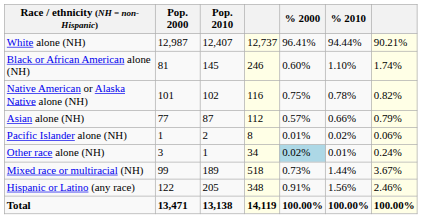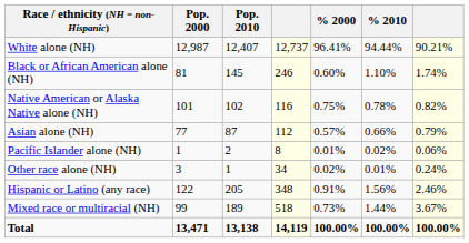 <table class="wikitable">
 <tr>
 <th>Race / ethnicity <small>(<em>NH = non-Hispanic</em>)</small></th>
 <th>Pop. 2000</th>
 <th>Pop. 2010</th>
 <th></th>
 <th>% 2000</th>
 <th>% 2010</th>
 <th></th>
 </tr>
 <tr>
 <td><a href='#'>White</a> alone (NH)</td>
 <td>12,987</td>
 <td>12,407</td>
 <td style='background: #ffffe6;'>12,737</td>
 <td>96.41%</td>
 <td>94.44%</td>
 <td style='background: #ffffe6;'>90.21%</td>
 </tr>
 <tr>
 <td><a href='#'>Black or African American</a> alone (NH)</td>
 <td>81</td>
 <td>145</td>
 <td style='background: #ffffe6;'>246</td>
 <td>0.60%</td>
 <td>1.10%</td>
 <td style='background: #ffffe6;'>1.74%</td>
 </tr>
 <tr>
 <td><a href='#'>Native American</a> or <a href='#'>Alaska Native</a> alone (NH)</td>
 <td>101</td>
 <td>102</td>
 <td style='background: #ffffe6;'>116</td>
 <td>0.75%</td>
 <td>0.78%</td>
 <td style='background: #ffffe6;'>0.82%</td>
 </tr>
 <tr>
 <td><a href='#'>Asian</a> alone (NH)</td>
 <td>77</td>
 <td>87</td>
 <td style='background: #ffffe6;'>112</td>
 <td>0.57%</td>
 <td>0.66%</td>
 <td style='background: #ffffe6;'>0.79%</td>
 </tr>
 <tr>
 <td><a href='#'>Pacific Islander</a> alone (NH)</td>
 <td>1</td>
 <td>2</td>
 <td style='background: #ffffe6;'>8</td>
 <td>0.01%</td>
 <td>0.02%</td>
 <td style='background: #ffffe6;'>0.06%</td>
 </tr>
 <tr>
 <td><a href='#'>Other race</a> alone (NH)</td>
 <td>3</td>
 <td>1</td>
 <td style='background: #ffffe6;'>34</td>
-<td style="background: lightblue;">0.02%</td>
+<td>0.02%</td>
 <td>0.01%</td>
 <td style='background: #ffffe6;'>0.24%</td>
+</tr>
+<tr>
+<td><a href='#'>Hispanic or Latino</a> (any race)</td>
+<td>122</td>
+<td>205</td>
+<td style='background: #ffffe6;'>348</td>
+<td>0.91%</td>
+<td>1.56%</td>
+<td style='background: #ffffe6;'>2.46%</td>
 </tr>
 <tr>
 <td><a href='#'>Mixed race or multiracial</a> (NH)</td>
 <td>99</td>
 <td>189</td>
 <td style='background: #ffffe6;'>518</td>
 <td>0.73%</td>
 <td>1.44%</td>
 <td style='background: #ffffe6;'>3.67%</td>
 </tr>
 <tr>
-<td><a href='#'>Hispanic or Latino</a> (any race)</td>
-<td>122</td>
-<td>205</td>
-<td style='background: #ffffe6;'>348</td>
-<td>0.91%</td>
-<td>1.56%</td>
-<td style='background: #ffffe6;'>2.46%</td>
-</tr>
-<tr>
 <td><strong>Total</strong></td>
 <td><strong>13,471</strong></td>
 <td><strong>13,138</strong></td>
 <td style='background: #ffffe6;'><strong>14,119</strong></td>
 <td><strong>100.00%</strong></td>
 <td><strong>100.00%</strong></td>
 <td style='background: #ffffe6;'><strong>100.00%</strong></td>
 </tr>
 </table>
